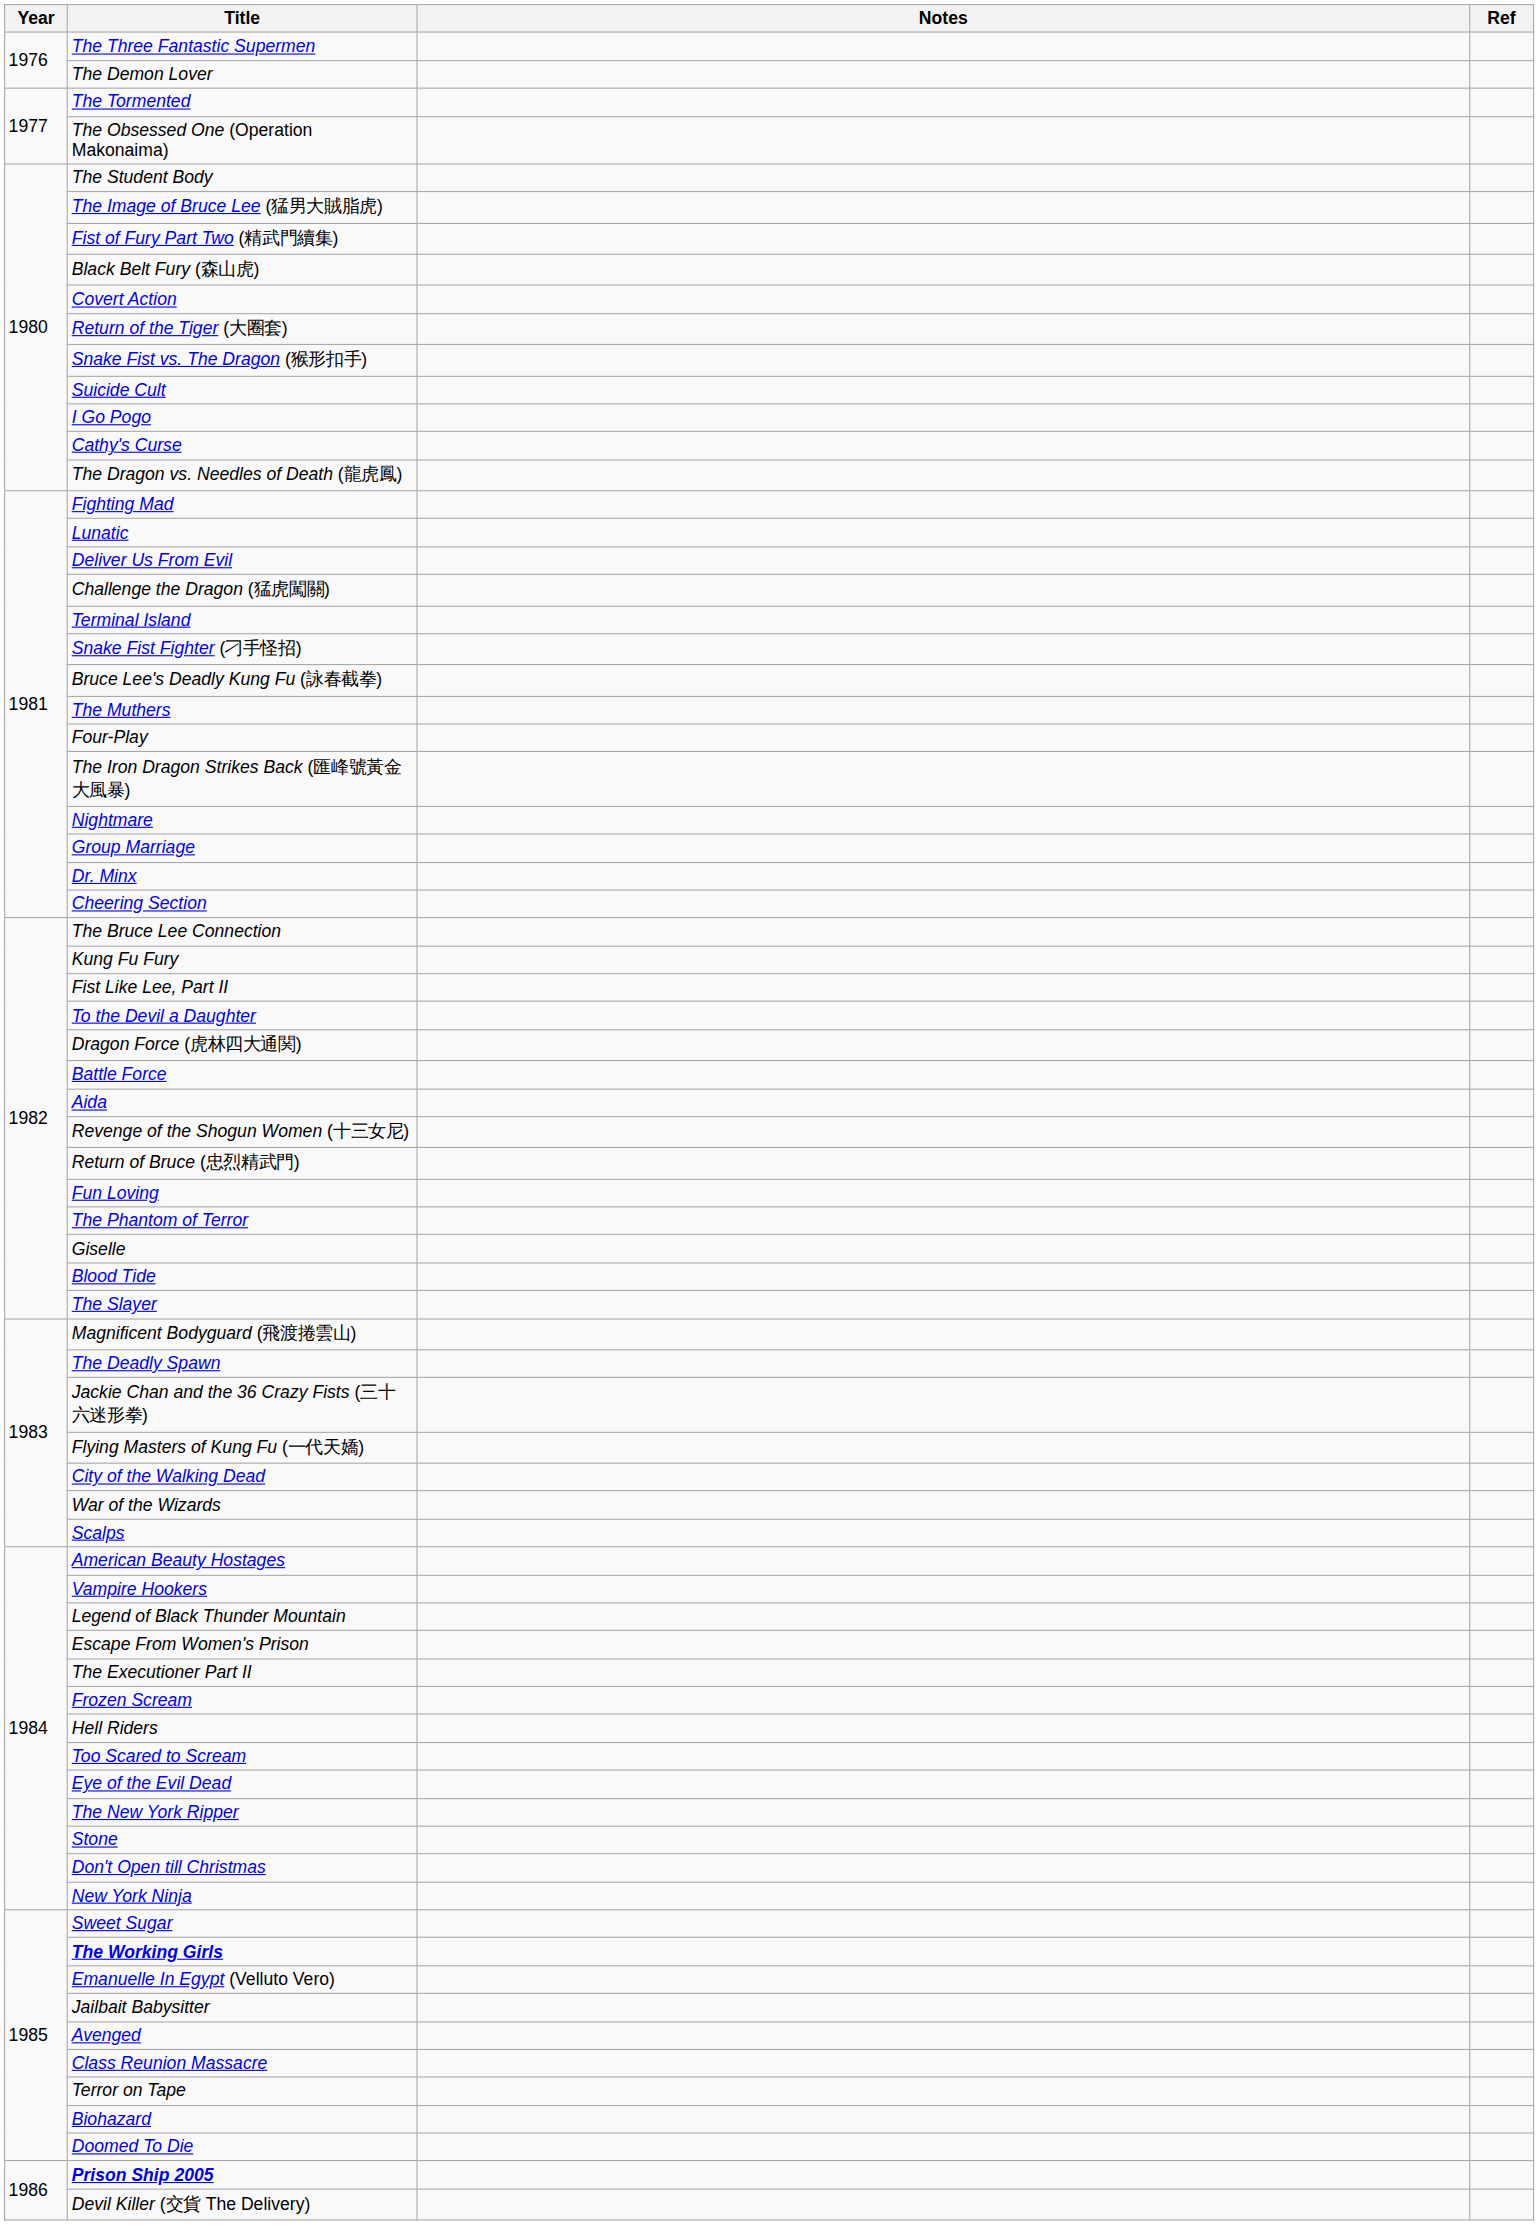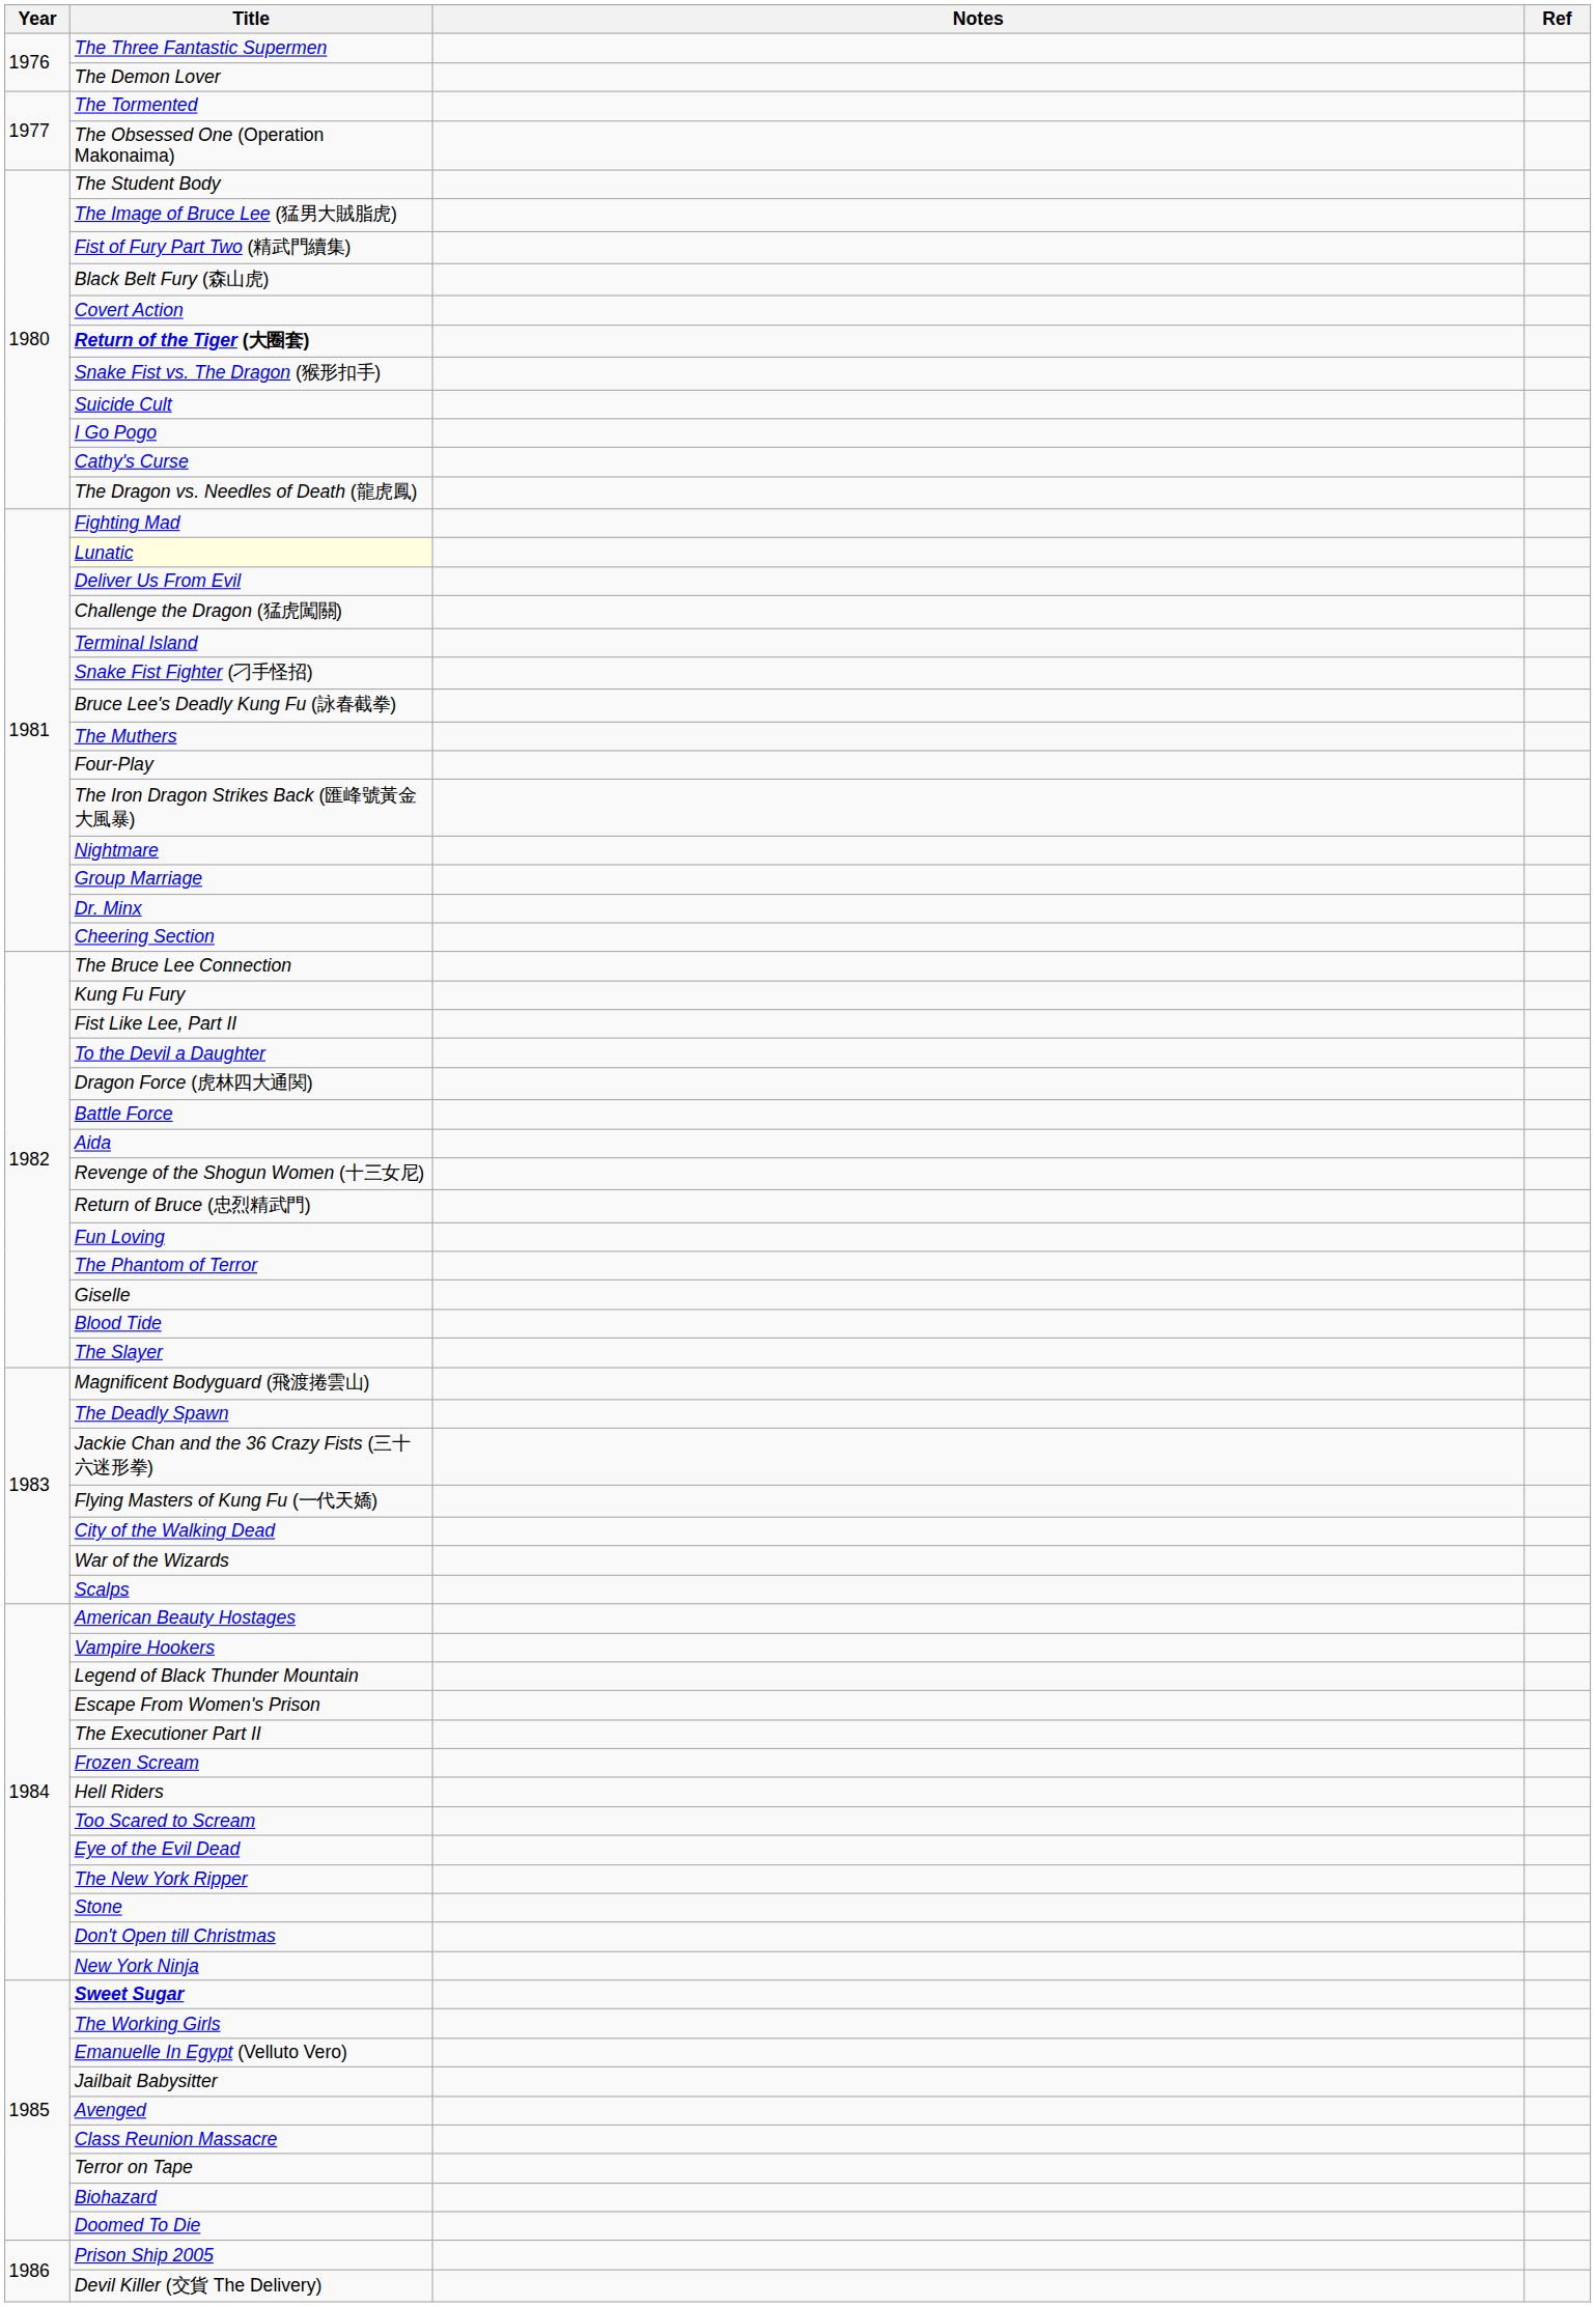 <table class="wikitable sortable">
 <tr>
 <th width="50">Year</th>
 <th width="310">Title</th>
 <th width="950">Notes</th>
 <th width="50" scope="Col" class="unsortable">Ref</th>
 </tr>
 <tr>
 <td rowspan="2">1976</td>
 <td> <em><a href='#'>The Three Fantastic Supermen</a></em></td>
 <td></td>
 <td></td>
 </tr>
 <tr>
 <td> <em>The Demon Lover</em></td>
 <td></td>
 <td></td>
 </tr>
 <tr>
 <td rowspan="2">1977</td>
 <td> <em><a href='#'>The Tormented</a></em></td>
 <td></td>
 <td></td>
 </tr>
 <tr>
 <td> <em>The Obsessed One</em> (Operation Makonaima)</td>
 <td></td>
 <td></td>
 </tr>
 <tr>
 <td rowspan="11">1980</td>
 <td> <em>The Student Body</em></td>
 <td></td>
 <td></td>
 </tr>
 <tr>
 <td> <em><a href='#'>The Image of Bruce Lee</a></em> (猛男大賊脂虎)</td>
 <td></td>
 <td></td>
 </tr>
 <tr>
 <td> <em><a href='#'>Fist of Fury Part Two</a></em> (精武門續集)</td>
 <td></td>
 <td></td>
 </tr>
 <tr>
 <td> <em>Black Belt Fury</em> (森山虎)</td>
 <td></td>
 <td></td>
 </tr>
 <tr>
 <td> <em><a href='#'>Covert Action</a></em></td>
 <td></td>
 <td></td>
 </tr>
 <tr>
-<td> <em><a href='#'>Return of the Tiger</a></em> (大圈套)</td>
+<td><strong> <em><a href='#'>Return of the Tiger</a></em> (大圈套)</strong></td>
 <td></td>
 <td></td>
 </tr>
 <tr>
 <td> <em><a href='#'>Snake Fist vs. The Dragon</a></em> (猴形扣手)</td>
 <td></td>
 <td></td>
 </tr>
 <tr>
 <td> <em><a href='#'>Suicide Cult</a></em></td>
 <td></td>
 <td></td>
 </tr>
 <tr>
 <td> <em><a href='#'>I Go Pogo</a></em></td>
 <td></td>
 <td></td>
 </tr>
 <tr>
 <td> <em><a href='#'>Cathy's Curse</a></em></td>
 <td></td>
 <td></td>
 </tr>
 <tr>
 <td> <em>The Dragon vs. Needles of Death</em> (龍虎鳳)</td>
 <td></td>
 <td></td>
 </tr>
 <tr>
 <td rowspan="14">1981</td>
 <td> <em><a href='#'>Fighting Mad</a></em></td>
 <td></td>
 <td></td>
 </tr>
 <tr>
-<td> <em><a href='#'>Lunatic</a></em></td>
+<td style="background: lightyellow;"> <em><a href='#'>Lunatic</a></em></td>
 <td></td>
 <td></td>
 </tr>
 <tr>
 <td> <em><a href='#'>Deliver Us From Evil</a></em></td>
 <td></td>
 <td></td>
 </tr>
 <tr>
 <td> <em>Challenge the Dragon</em> (猛虎闖關)</td>
 <td></td>
 <td></td>
 </tr>
 <tr>
 <td> <em><a href='#'>Terminal Island</a></em></td>
 <td></td>
 <td></td>
 </tr>
 <tr>
 <td> <em><a href='#'>Snake Fist Fighter</a></em> (刁手怪招)</td>
 <td></td>
 <td></td>
 </tr>
 <tr>
 <td> <em>Bruce Lee's Deadly Kung Fu</em> (詠春截拳)</td>
 <td></td>
 <td></td>
 </tr>
 <tr>
 <td> <em><a href='#'>The Muthers</a></em></td>
 <td></td>
 <td></td>
 </tr>
 <tr>
 <td> <em>Four-Play</em></td>
 <td></td>
 <td></td>
 </tr>
 <tr>
 <td> <em>The Iron Dragon Strikes Back</em> (匯峰號黃金大風暴)</td>
 <td></td>
 <td></td>
 </tr>
 <tr>
 <td> <em><a href='#'>Nightmare</a></em></td>
 <td></td>
 <td></td>
 </tr>
 <tr>
 <td> <em><a href='#'>Group Marriage</a></em></td>
 <td></td>
 <td></td>
 </tr>
 <tr>
 <td> <em><a href='#'>Dr. Minx</a></em></td>
 <td></td>
 <td></td>
 </tr>
 <tr>
 <td> <em><a href='#'>Cheering Section</a></em></td>
 <td></td>
 <td></td>
 </tr>
 <tr>
 <td rowspan="14">1982</td>
 <td> <em>The Bruce Lee Connection</em></td>
 <td></td>
 <td></td>
 </tr>
 <tr>
 <td> <em>Kung Fu Fury</em></td>
 <td></td>
 <td></td>
 </tr>
 <tr>
 <td> <em>Fist Like Lee, Part II</em></td>
 <td></td>
 <td></td>
 </tr>
 <tr>
 <td> <em><a href='#'>To the Devil a Daughter</a></em></td>
 <td></td>
 <td></td>
 </tr>
 <tr>
 <td> <em>Dragon Force</em> (虎林四大通関) </td>
 <td></td>
 <td></td>
 </tr>
 <tr>
 <td> <em><a href='#'>Battle Force</a></em></td>
 <td></td>
 <td></td>
 </tr>
 <tr>
 <td> <em><a href='#'>Aida</a></em></td>
 <td></td>
 <td></td>
 </tr>
 <tr>
 <td> <em>Revenge of the Shogun Women</em> (十三女尼)</td>
 <td></td>
 <td></td>
 </tr>
 <tr>
 <td> <em>Return of Bruce</em> (忠烈精武門)</td>
 <td></td>
 <td></td>
 </tr>
 <tr>
 <td> <em><a href='#'>Fun Loving</a></em></td>
 <td></td>
 <td></td>
 </tr>
 <tr>
 <td> <em><a href='#'>The Phantom of Terror</a></em></td>
 <td></td>
 <td></td>
 </tr>
 <tr>
 <td> <em>Giselle</em></td>
 <td></td>
 <td></td>
 </tr>
 <tr>
 <td> <em><a href='#'>Blood Tide</a></em></td>
 <td></td>
 <td></td>
 </tr>
 <tr>
 <td> <em><a href='#'>The Slayer</a></em></td>
 <td></td>
 <td></td>
 </tr>
 <tr>
 <td rowspan="7">1983</td>
 <td> <em>Magnificent Bodyguard</em> (飛渡捲雲山)</td>
 <td></td>
 <td></td>
 </tr>
 <tr>
 <td> <em><a href='#'>The Deadly Spawn</a></em></td>
 <td></td>
 <td></td>
 </tr>
 <tr>
 <td> <em>Jackie Chan and the 36 Crazy Fists</em> (三十六迷形拳)</td>
 <td></td>
 <td></td>
 </tr>
 <tr>
 <td> <em>Flying Masters of Kung Fu</em> (一代天嬌)</td>
 <td></td>
 <td></td>
 </tr>
 <tr>
 <td> <em><a href='#'>City of the Walking Dead</a></em></td>
 <td></td>
 <td></td>
 </tr>
 <tr>
 <td> <em>War of the Wizards</em></td>
 <td></td>
 <td></td>
 </tr>
 <tr>
 <td> <em><a href='#'>Scalps</a></em></td>
 <td></td>
 <td></td>
 </tr>
 <tr>
 <td rowspan="13">1984</td>
 <td> <em><a href='#'>American Beauty Hostages</a></em></td>
 <td></td>
 <td></td>
 </tr>
 <tr>
 <td> <em><a href='#'>Vampire Hookers</a></em></td>
 <td></td>
 <td></td>
 </tr>
 <tr>
 <td> <em>Legend of Black Thunder Mountain</em></td>
 <td></td>
 <td></td>
 </tr>
 <tr>
 <td> <em>Escape From Women's Prison</em></td>
 <td></td>
 <td></td>
 </tr>
 <tr>
 <td> <em>The Executioner Part II</em></td>
 <td></td>
 <td></td>
 </tr>
 <tr>
 <td> <em><a href='#'>Frozen Scream</a></em></td>
 <td></td>
 <td></td>
 </tr>
 <tr>
 <td> <em>Hell Riders</em></td>
 <td></td>
 <td></td>
 </tr>
 <tr>
 <td> <em><a href='#'>Too Scared to Scream</a></em></td>
 <td></td>
 <td></td>
 </tr>
 <tr>
 <td> <em><a href='#'>Eye of the Evil Dead</a></em></td>
 <td></td>
 <td></td>
 </tr>
 <tr>
 <td> <em><a href='#'>The New York Ripper</a></em></td>
 <td></td>
 <td></td>
 </tr>
 <tr>
 <td> <em><a href='#'>Stone</a></em></td>
 <td></td>
 <td></td>
 </tr>
 <tr>
 <td> <em><a href='#'>Don't Open till Christmas</a></em></td>
 <td></td>
 <td></td>
 </tr>
 <tr>
 <td> <em><a href='#'>New York Ninja</a></em></td>
 <td></td>
 <td></td>
 </tr>
 <tr>
 <td rowspan="9">1985</td>
-<td> <em><a href='#'>Sweet Sugar</a></em></td>
+<td><strong> <em><a href='#'>Sweet Sugar</a></em></strong></td>
 <td></td>
 <td></td>
 </tr>
 <tr>
-<td><strong> <em><a href='#'>The Working Girls</a></em></strong></td>
+<td> <em><a href='#'>The Working Girls</a></em></td>
 <td></td>
 <td></td>
 </tr>
 <tr>
 <td> <em><a href='#'>Emanuelle In Egypt</a></em> (Velluto Vero)</td>
 <td></td>
 <td></td>
 </tr>
 <tr>
 <td> <em>Jailbait Babysitter</em></td>
 <td></td>
 <td></td>
 </tr>
 <tr>
 <td> <em><a href='#'>Avenged</a></em></td>
 <td></td>
 <td></td>
 </tr>
 <tr>
 <td> <em><a href='#'>Class Reunion Massacre</a></em></td>
 <td></td>
 <td></td>
 </tr>
 <tr>
 <td> <em>Terror on Tape</em></td>
 <td></td>
 <td></td>
 </tr>
 <tr>
 <td> <em><a href='#'>Biohazard</a></em></td>
 <td></td>
 <td></td>
 </tr>
 <tr>
 <td> <em><a href='#'>Doomed To Die</a></em></td>
 <td></td>
 <td></td>
 </tr>
 <tr>
 <td rowspan="2">1986</td>
-<td><strong> <em><a href='#'>Prison Ship 2005</a></em></strong></td>
+<td> <em><a href='#'>Prison Ship 2005</a></em></td>
 <td></td>
 <td></td>
 </tr>
 <tr>
 <td> <em>Devil Killer</em> (交貨 The Delivery)</td>
 <td></td>
 <td></td>
 </tr>
 </table>
